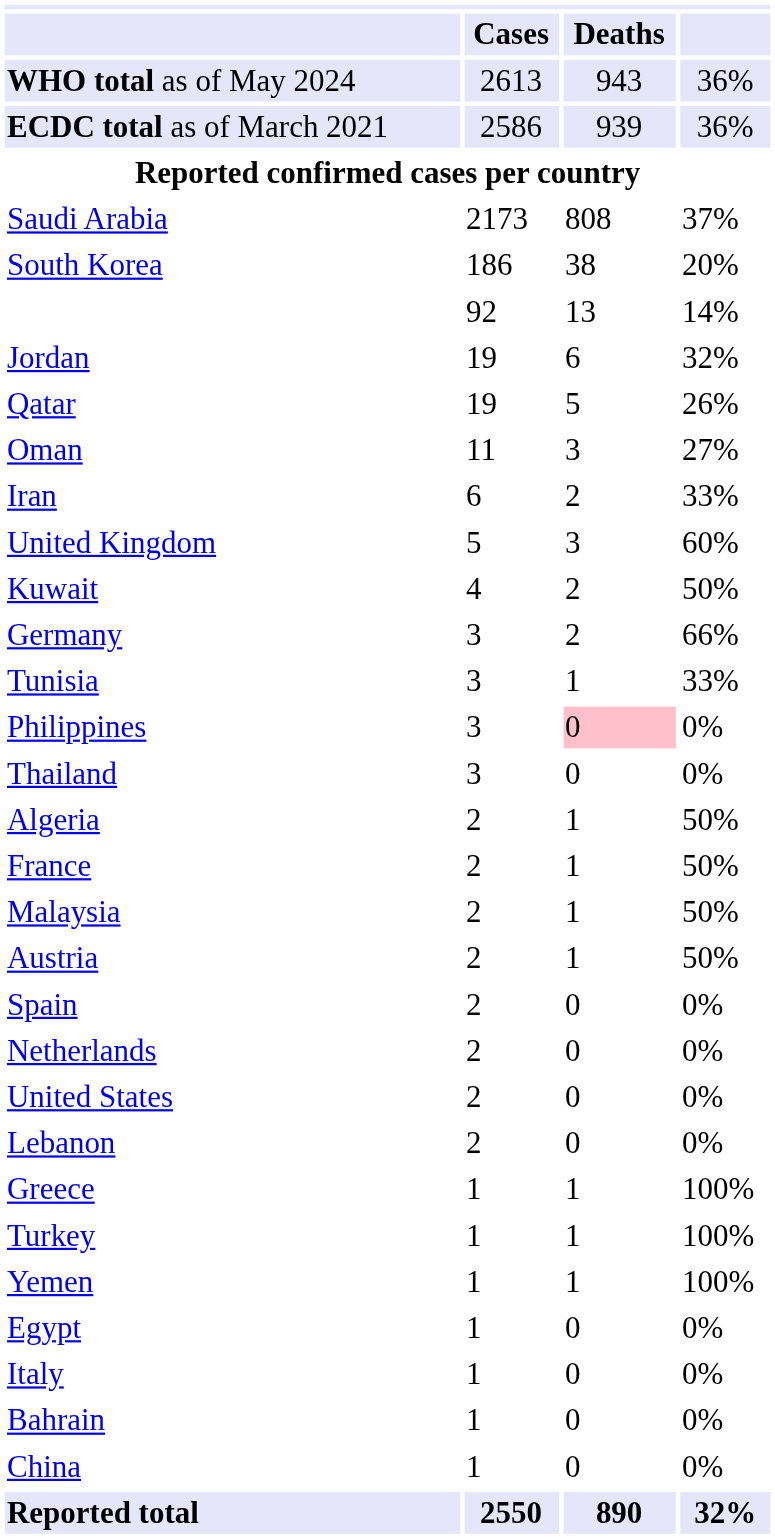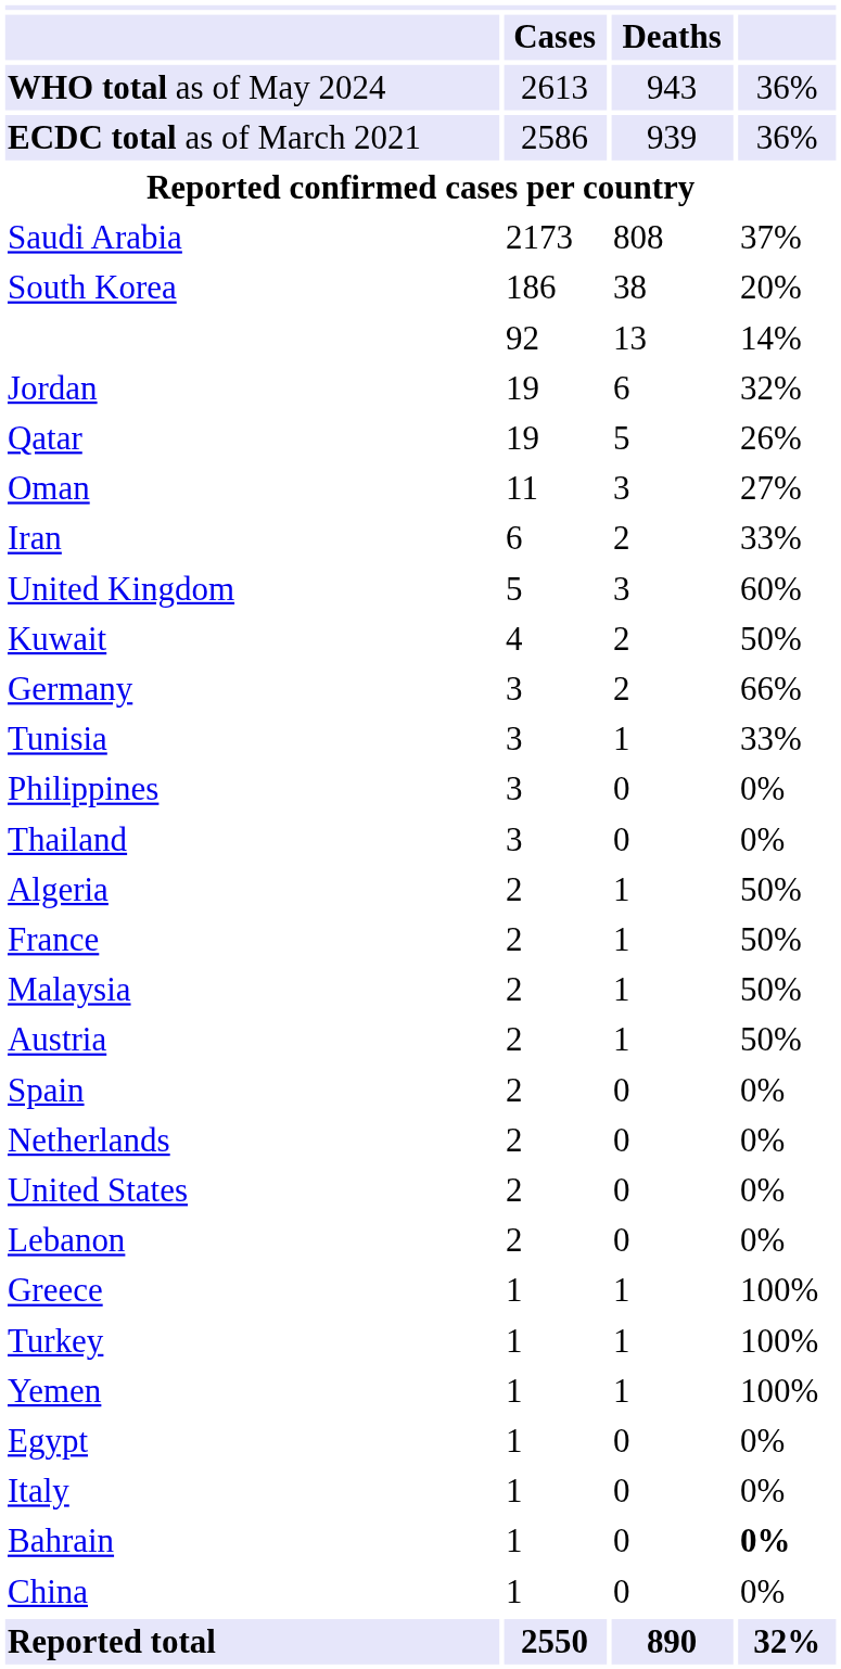 <table class="toccolours" style="font-size:88%;float: right; margin: 0.5em 0 0.5em 1em; width:25em">
 <tr>
 <td colspan="4" style="background:lavender"></td>
 </tr>
 <tr style="background:lavender">
 <th></th>
 <th>Cases</th>
 <th>Deaths</th>
 <th></th>
 </tr>
 <tr>
 <td style="background:lavender;" align="left"><strong>WHO total</strong> as of May 2024</td>
 <td style="background:lavender;text-align:center">2613</td>
 <td style="background:lavender;text-align:center">943</td>
 <td style="background:lavender;text-align:center">36%</td>
 </tr>
 <tr>
 <td style="background:lavender;" align="left"><strong>ECDC total</strong> as of March 2021</td>
 <td style="background:lavender;text-align:center">2586</td>
 <td style="background:lavender;text-align:center">939</td>
 <td style="background:lavender;text-align:center">36%</td>
 </tr>
 <tr>
 <th colspan="4">Reported confirmed cases per country</th>
 </tr>
 <tr>
 <td align="left"><a href='#'>Saudi Arabia</a></td>
 <td>2173</td>
 <td>808</td>
 <td>37%</td>
 </tr>
 <tr>
 <td align="left"><a href='#'>South Korea</a></td>
 <td>186</td>
 <td>38</td>
 <td>20%</td>
 </tr>
 <tr>
 <td align="left"></td>
 <td>92</td>
 <td>13</td>
 <td>14%</td>
 </tr>
 <tr>
 <td align="left"><a href='#'>Jordan</a></td>
 <td>19</td>
 <td>6</td>
 <td>32%</td>
 </tr>
 <tr>
 <td align="left"><a href='#'>Qatar</a></td>
 <td>19</td>
 <td>5</td>
 <td>26%</td>
 </tr>
 <tr>
 <td align="left"><a href='#'>Oman</a></td>
 <td>11</td>
 <td>3</td>
 <td>27%</td>
 </tr>
 <tr>
 <td align="left"><a href='#'>Iran</a></td>
 <td>6</td>
 <td>2</td>
 <td>33%</td>
 </tr>
 <tr>
 <td align="left"><a href='#'>United Kingdom</a></td>
 <td>5</td>
 <td>3</td>
 <td>60%</td>
 </tr>
 <tr>
 <td align="left"><a href='#'>Kuwait</a></td>
 <td>4</td>
 <td>2</td>
 <td>50%</td>
 </tr>
 <tr>
 <td align="left"><a href='#'>Germany</a></td>
 <td>3</td>
 <td>2</td>
 <td>66%</td>
 </tr>
 <tr>
 <td align="left"><a href='#'>Tunisia</a></td>
 <td>3</td>
 <td>1</td>
 <td>33%</td>
 </tr>
 <tr>
 <td align="left"><a href='#'>Philippines</a></td>
 <td>3</td>
-<td style="background: pink;">0</td>
+<td>0</td>
 <td>0%</td>
 </tr>
 <tr>
 <td align="left"><a href='#'>Thailand</a></td>
 <td>3</td>
 <td>0</td>
 <td>0%</td>
 </tr>
 <tr>
 <td align="left"><a href='#'>Algeria</a></td>
 <td>2</td>
 <td>1</td>
 <td>50%</td>
 </tr>
 <tr>
 <td align="left"><a href='#'>France</a></td>
 <td>2</td>
 <td>1</td>
 <td>50%</td>
 </tr>
 <tr>
 <td align="left"><a href='#'>Malaysia</a></td>
 <td>2</td>
 <td>1</td>
 <td>50%</td>
 </tr>
 <tr>
 <td align="left"><a href='#'>Austria</a></td>
 <td>2</td>
 <td>1</td>
 <td>50%</td>
 </tr>
 <tr>
 <td align="left"><a href='#'>Spain</a></td>
 <td>2</td>
 <td>0</td>
 <td>0%</td>
 </tr>
 <tr>
 <td align="left"><a href='#'>Netherlands</a></td>
 <td>2</td>
 <td>0</td>
 <td>0%</td>
 </tr>
 <tr>
 <td align="left"><a href='#'>United States</a></td>
 <td>2</td>
 <td>0</td>
 <td>0%</td>
 </tr>
 <tr>
 <td align="left"><a href='#'>Lebanon</a></td>
 <td>2</td>
 <td>0</td>
 <td>0%</td>
 </tr>
 <tr>
 <td align="left"><a href='#'>Greece</a></td>
 <td>1</td>
 <td>1</td>
 <td>100%</td>
 </tr>
 <tr>
 <td align="left"><a href='#'>Turkey</a></td>
 <td>1</td>
 <td>1</td>
 <td>100%</td>
 </tr>
 <tr>
 <td align="left"><a href='#'>Yemen</a></td>
 <td>1</td>
 <td>1</td>
 <td>100%</td>
 </tr>
 <tr>
 <td align="left"><a href='#'>Egypt</a></td>
 <td>1</td>
 <td>0</td>
 <td>0%</td>
 </tr>
 <tr>
 <td align="left"><a href='#'>Italy</a></td>
 <td>1</td>
 <td>0</td>
 <td>0%</td>
 </tr>
 <tr>
 <td align="left"><a href='#'>Bahrain</a></td>
 <td>1</td>
 <td>0</td>
-<td>0%</td>
+<td><strong>0%</strong></td>
 </tr>
 <tr>
 <td align="left"><a href='#'>China</a></td>
 <td>1</td>
 <td>0</td>
 <td>0%</td>
 </tr>
 <tr>
 <td style="background:lavender;" align="left"><strong>Reported total</strong></td>
 <td style="background:lavender;text-align:center"><strong>2550</strong></td>
 <td style="background:lavender;text-align:center"><strong>890</strong></td>
 <td style="background:lavender;text-align:center"><strong>32%</strong></td>
 </tr>
 <tr>
 </tr>
 </table>
